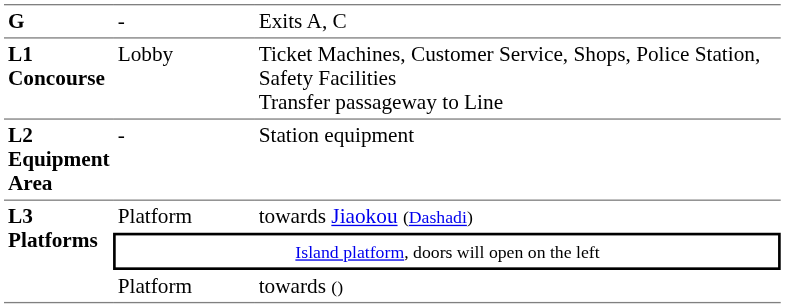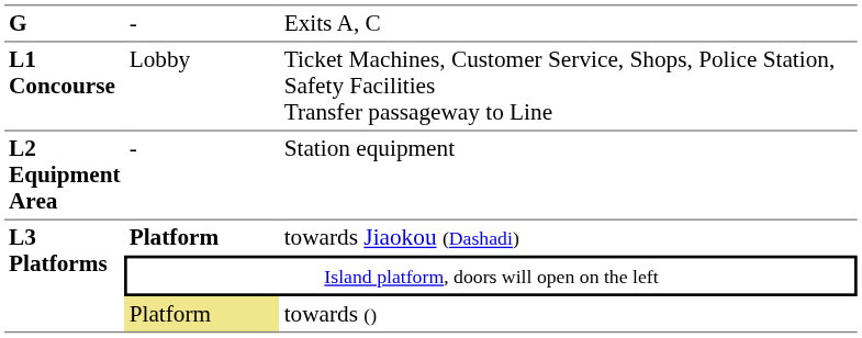 <table table border=0 cellspacing=0 cellpadding=3>
 <tr>
 <td style="border-top:solid 1px gray;" width=50 valign=top><strong>G</strong></td>
 <td style="border-top:solid 1px gray;" width=100 valign=top>-</td>
 <td style="border-top:solid 1px gray;" width=390 valign=top>Exits A, C</td>
 </tr>
 <tr>
 <td style="border-bottom:solid 1px gray; border-top:solid 1px gray;" valign=top><strong>L1<br>Concourse</strong></td>
 <td style="border-bottom:solid 1px gray; border-top:solid 1px gray;" valign=top>Lobby</td>
 <td style="border-bottom:solid 1px gray; border-top:solid 1px gray;" valign=top>Ticket Machines, Customer Service, Shops, Police Station, Safety Facilities<br>Transfer passageway to Line </td>
 </tr>
 <tr>
 <td style="border-bottom:solid 1px gray;" valign=top width=50><strong>L2<br>Equipment Area</strong></td>
 <td style="border-bottom:solid 1px gray;" valign=top width=100>-</td>
 <td style="border-bottom:solid 1px gray;" valign=top width=390>Station equipment</td>
 </tr>
 <tr>
 <td style="border-bottom:solid 1px gray;" rowspan=4 valign=top><strong>L3<br>Platforms</strong></td>
-<td>Platform </td>
+<td><strong>Platform </strong></td>
 <td>  towards <a href='#'>Jiaokou</a> <small>(<a href='#'>Dashadi</a>)</small></td>
 </tr>
 <tr>
 <td style="border-right:solid 2px black;border-left:solid 2px black;border-top:solid 2px black;border-bottom:solid 2px black;text-align:center;" colspan=2><small><a href='#'>Island platform</a>, doors will open on the left</small></td>
 </tr>
 <tr>
-<td style="border-bottom:solid 1px gray;">Platform </td>
+<td style="background: khaki; border-bottom:solid 1px gray;">Platform </td>
 <td style="border-bottom:solid 1px gray;"> towards  <small>()</small> </td>
 </tr>
 </table>
